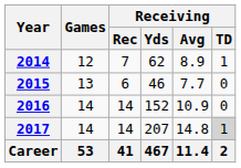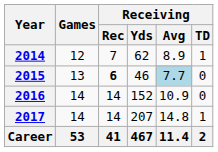 <table class="wikitable sortable"  style="text-align:center; width:auto;">
 <tr>
 <th rowspan="2">Year</th>
 <th rowspan="2">Games</th>
 <th colspan="4">Receiving</th>
 </tr>
 <tr>
 <th>Rec</th>
 <th>Yds</th>
 <th>Avg</th>
 <th>TD</th>
 </tr>
 <tr>
 <th><a href='#'>2014</a></th>
 <td>12</td>
 <td>7</td>
 <td>62</td>
 <td>8.9</td>
 <td>1</td>
 </tr>
 <tr>
 <th><a href='#'>2015</a></th>
 <td>13</td>
-<td>6</td>
+<td><strong>6</strong></td>
 <td>46</td>
-<td>7.7</td>
+<td style="background: lightblue;">7.7</td>
 <td>0</td>
 </tr>
 <tr>
 <th><a href='#'>2016</a></th>
 <td>14</td>
 <td>14</td>
 <td>152</td>
 <td>10.9</td>
 <td>0</td>
 </tr>
 <tr>
 <th><a href='#'>2017</a></th>
 <td>14</td>
 <td>14</td>
 <td>207</td>
 <td>14.8</td>
-<td style="background: lightgrey;">1</td>
+<td>1</td>
 </tr>
 <tr>
 <th>Career</th>
 <th>53</th>
 <th>41</th>
 <th>467</th>
 <th>11.4</th>
 <th>2</th>
 </tr>
 </table>
